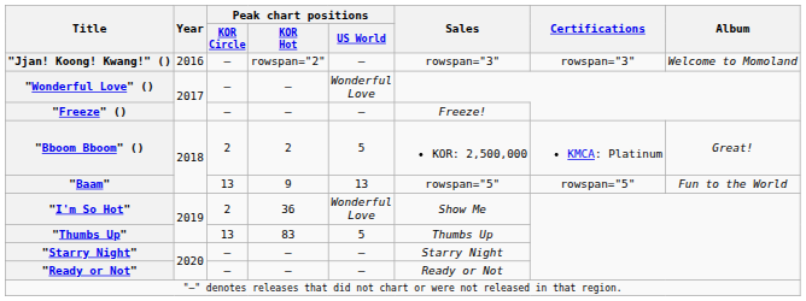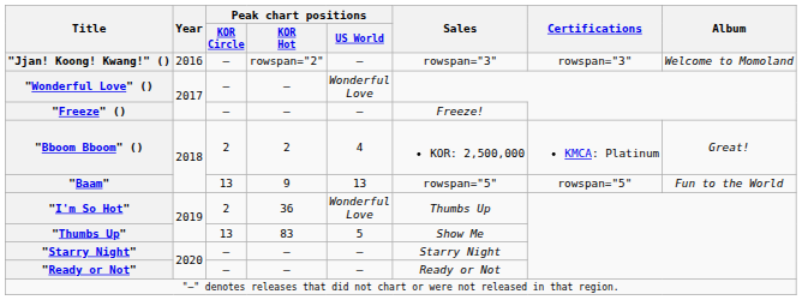 <table class="wikitable plainrowheaders" style="text-align:center">
 <tr>
 <th scope="col" rowspan="2">Title</th>
 <th scope="col" rowspan="2">Year</th>
 <th scope="col" colspan="3">Peak chart positions</th>
 <th scope="col" rowspan="2">Sales</th>
 <th scope="col" rowspan="2"><a href='#'>Certifications</a></th>
 <th scope="col" rowspan="2">Album</th>
 </tr>
 <tr>
 <th scope="col" style="width:3em;font-size:90%;"><a href='#'>KOR<br>Circle</a><br></th>
 <th scope="col" style="width:3em;font-size:90%;"><a href='#'>KOR<br>Hot</a><br></th>
 <th scope="col" style="width:3em;font-size:90%;"><a href='#'>US World</a><br></th>
 </tr>
 <tr>
 <th scope="row">"Jjan! Koong! Kwang!" ()</th>
 <td>2016</td>
 <td>—</td>
 <td>rowspan="2" </td>
 <td>—</td>
 <td>rowspan="3" </td>
 <td>rowspan="3" </td>
 <td><em>Welcome to Momoland</em></td>
 </tr>
 <tr>
 <th scope="row">"<a href='#'>Wonderful Love</a>" ()</th>
 <td rowspan="2">2017</td>
 <td>—</td>
 <td>—</td>
 <td><em>Wonderful Love</em></td>
 </tr>
 <tr>
 <th scope="row">"<a href='#'>Freeze</a>" ()</th>
 <td>—</td>
 <td>—</td>
 <td>—</td>
 <td><em>Freeze!</em></td>
 </tr>
 <tr>
 <th scope="row">"<a href='#'>Bboom Bboom</a>" ()</th>
 <td rowspan="2">2018</td>
 <td>2</td>
 <td>2</td>
-<td>5</td>
+<td>4</td>
 <td><br><ul><li>KOR: 2,500,000</li></ul></td>
 <td><br><ul><li><a href='#'>KMCA</a>: Platinum</li></ul></td>
 <td><em>Great!</em></td>
 </tr>
 <tr>
 <th scope="row">"<a href='#'>Baam</a>"</th>
 <td>13</td>
 <td>9</td>
 <td>13</td>
 <td>rowspan="5" </td>
 <td>rowspan="5" </td>
 <td><em>Fun to the World</em></td>
 </tr>
 <tr>
 <th scope="row">"<a href='#'>I'm So Hot</a>"</th>
 <td rowspan="2">2019</td>
 <td>2</td>
 <td>36</td>
 <td><em>Wonderful Love</em></td>
-<td><em>Show Me</em></td>
+<td><em>Thumbs Up</em></td>
 </tr>
 <tr>
 <th scope="row">"<a href='#'>Thumbs Up</a>"</th>
 <td>13</td>
 <td>83</td>
 <td>5</td>
-<td><em>Thumbs Up</em></td>
+<td><em>Show Me</em></td>
 </tr>
 <tr>
 <th scope="row">"<a href='#'>Starry Night</a>"</th>
 <td rowspan="2">2020</td>
 <td>—</td>
 <td>—</td>
 <td>—</td>
 <td><em>Starry Night</em></td>
 </tr>
 <tr>
 <th scope="row">"<a href='#'>Ready or Not</a>"</th>
 <td>—</td>
 <td>—</td>
 <td>—</td>
 <td><em>Ready or Not</em></td>
 </tr>
 <tr>
 <td colspan="10" style="font-size:85%">"—" denotes releases that did not chart or were not released in that region.</td>
 </tr>
 </table>
